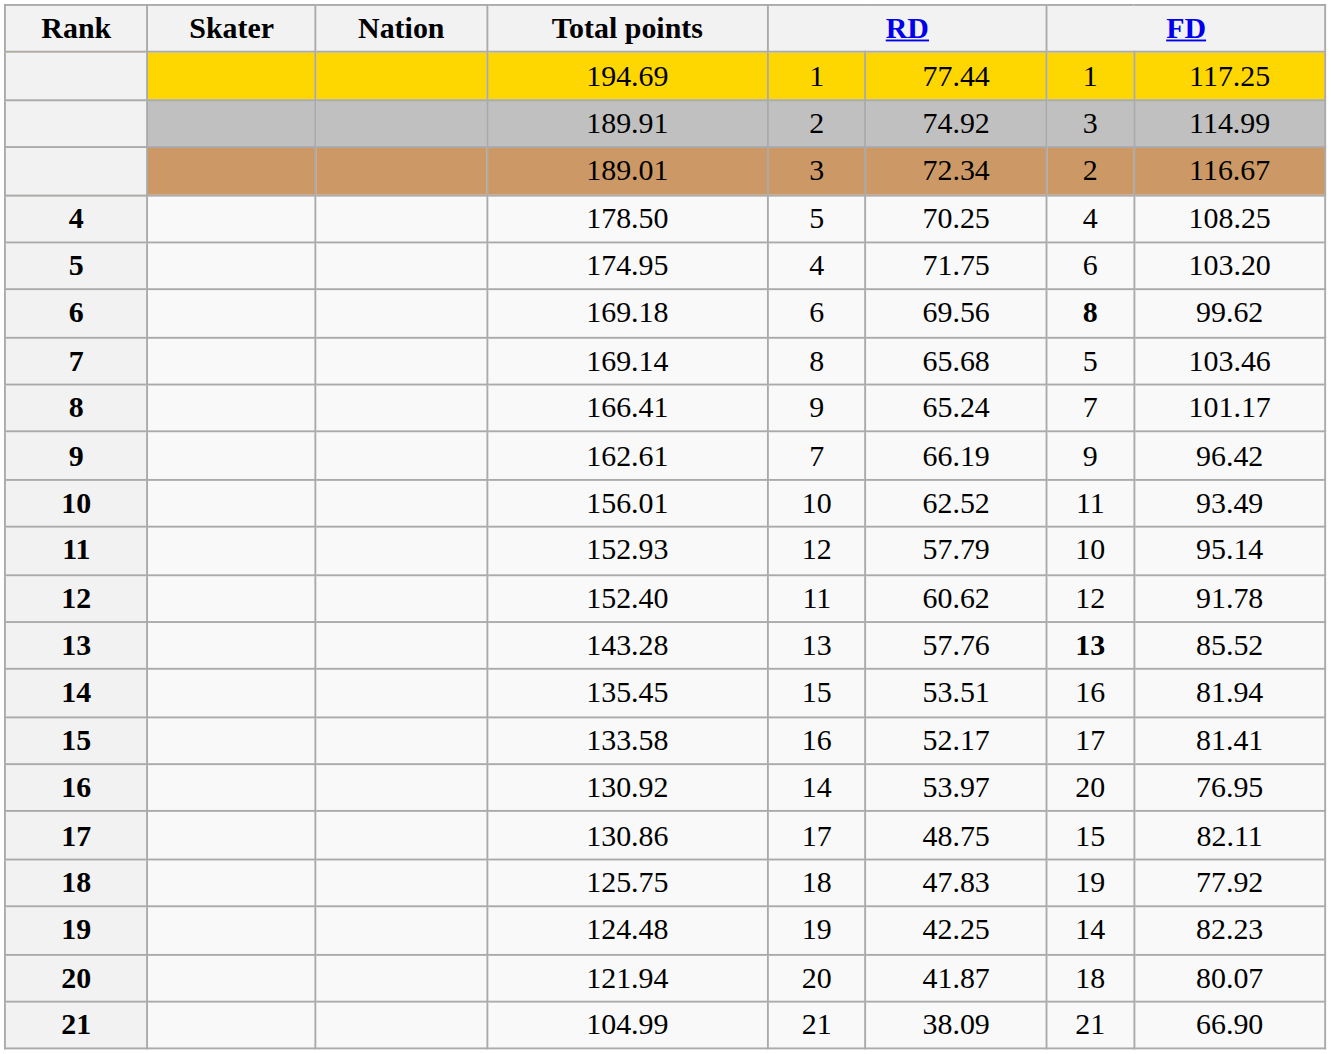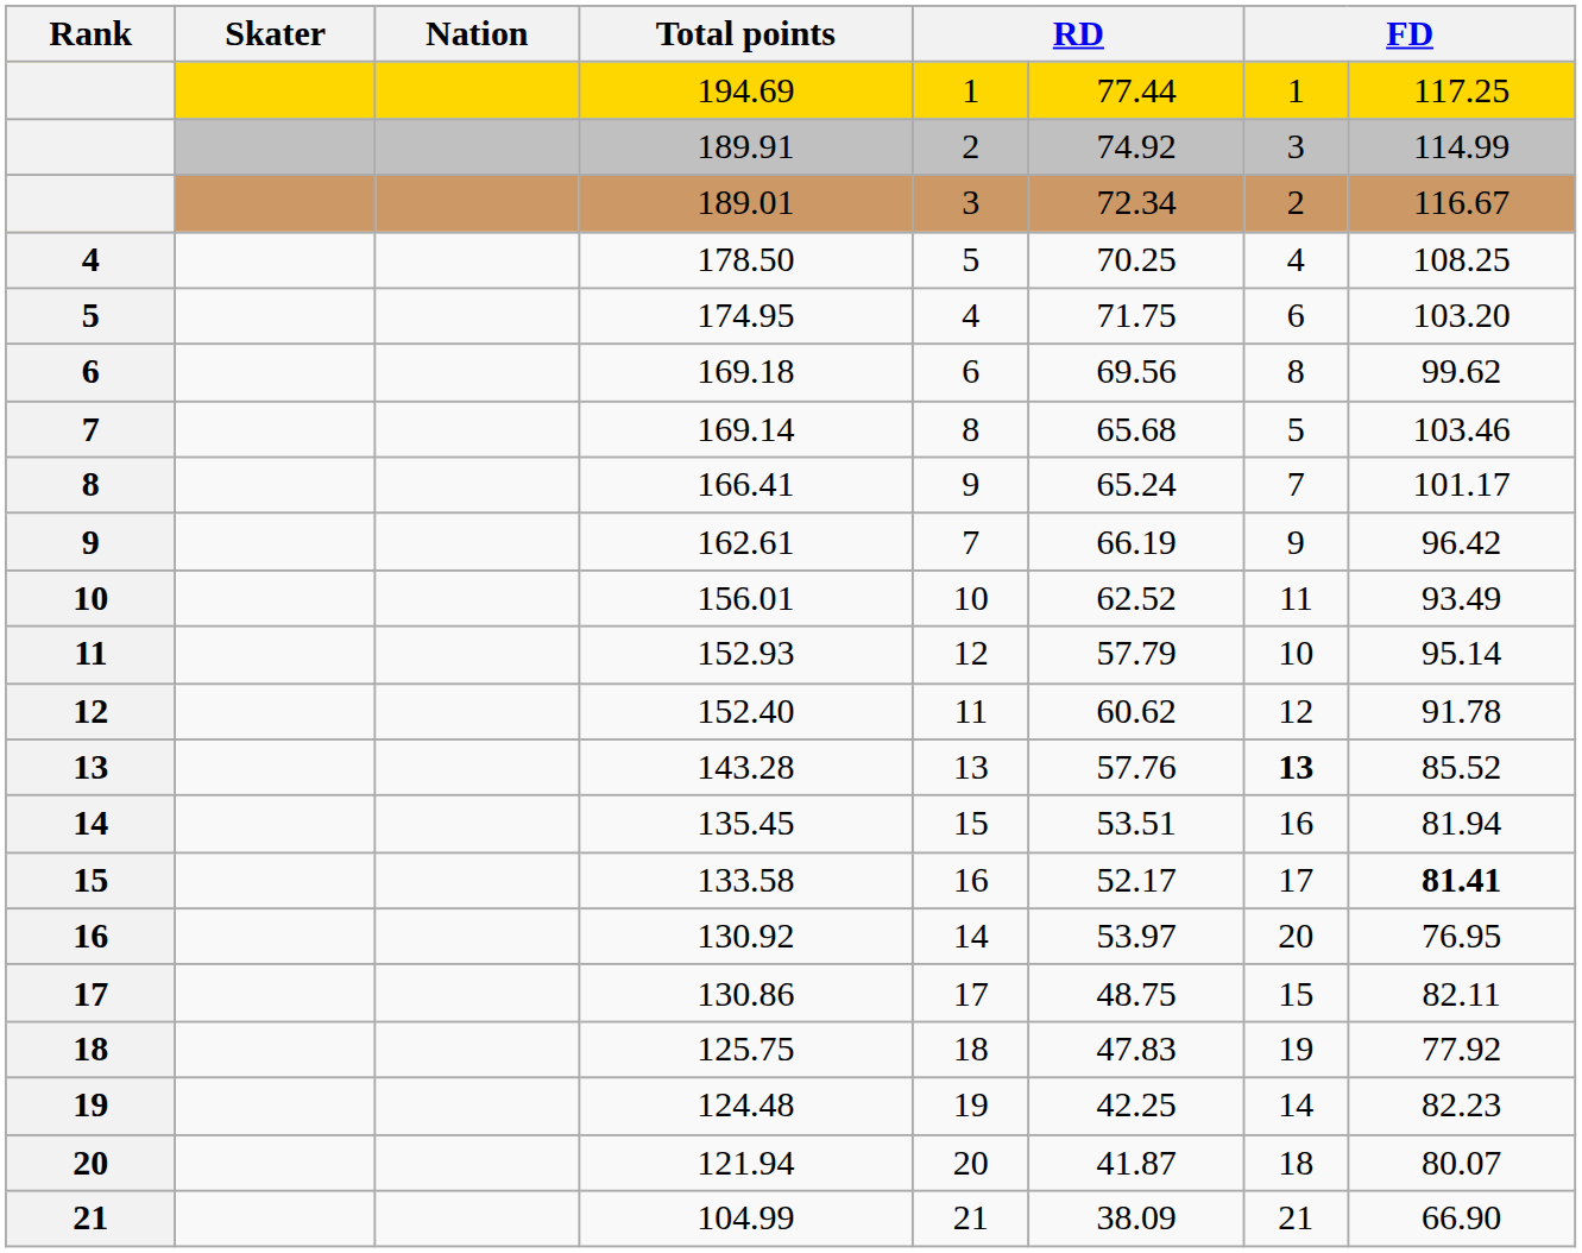 <table class="wikitable sortable" style="text-align:center;" width="80%">
 <tr>
 <th scope="col">Rank</th>
 <th scope="col">Skater</th>
 <th scope="col">Nation</th>
 <th scope="col">Total points</th>
 <th scope="col" colspan="2" width="80px"><a href='#'>RD</a></th>
 <th scope="col" colspan="2" width="80px"><a href='#'>FD</a></th>
 </tr>
 <tr bgcolor="gold">
 <th scope="row"></th>
 <td align="left"></td>
 <td align="left"></td>
 <td>194.69</td>
 <td>1</td>
 <td>77.44</td>
 <td>1</td>
 <td>117.25</td>
 </tr>
 <tr bgcolor="silver">
 <th scope="row"></th>
 <td align="left"></td>
 <td align="left"></td>
 <td>189.91</td>
 <td>2</td>
 <td>74.92</td>
 <td>3</td>
 <td>114.99</td>
 </tr>
 <tr bgcolor="cc9966">
 <th scope="row"></th>
 <td align="left"></td>
 <td align="left"></td>
 <td>189.01</td>
 <td>3</td>
 <td>72.34</td>
 <td>2</td>
 <td>116.67</td>
 </tr>
 <tr>
 <th scope="row">4</th>
 <td align="left"></td>
 <td align="left"></td>
 <td>178.50</td>
 <td>5</td>
 <td>70.25</td>
 <td>4</td>
 <td>108.25</td>
 </tr>
 <tr>
 <th scope="row">5</th>
 <td align="left"></td>
 <td align="left"></td>
 <td>174.95</td>
 <td>4</td>
 <td>71.75</td>
 <td>6</td>
 <td>103.20</td>
 </tr>
 <tr>
 <th scope="row">6</th>
 <td align="left"></td>
 <td align="left"></td>
 <td>169.18</td>
 <td>6</td>
 <td>69.56</td>
-<td><strong>8</strong></td>
+<td>8</td>
 <td>99.62</td>
 </tr>
 <tr>
 <th scope="row">7</th>
 <td align="left"></td>
 <td align="left"></td>
 <td>169.14</td>
 <td>8</td>
 <td>65.68</td>
 <td>5</td>
 <td>103.46</td>
 </tr>
 <tr>
 <th scope="row">8</th>
 <td align="left"></td>
 <td align="left"></td>
 <td>166.41</td>
 <td>9</td>
 <td>65.24</td>
 <td>7</td>
 <td>101.17</td>
 </tr>
 <tr>
 <th scope="row">9</th>
 <td align="left"></td>
 <td align="left"></td>
 <td>162.61</td>
 <td>7</td>
 <td>66.19</td>
 <td>9</td>
 <td>96.42</td>
 </tr>
 <tr>
 <th scope="row">10</th>
 <td align="left"></td>
 <td align="left"></td>
 <td>156.01</td>
 <td>10</td>
 <td>62.52</td>
 <td>11</td>
 <td>93.49</td>
 </tr>
 <tr>
 <th scope="row">11</th>
 <td align="left"></td>
 <td align="left"></td>
 <td>152.93</td>
 <td>12</td>
 <td>57.79</td>
 <td>10</td>
 <td>95.14</td>
 </tr>
 <tr>
 <th scope="row">12</th>
 <td align="left"></td>
 <td align="left"></td>
 <td>152.40</td>
 <td>11</td>
 <td>60.62</td>
 <td>12</td>
 <td>91.78</td>
 </tr>
 <tr>
 <th scope="row">13</th>
 <td align="left"></td>
 <td align="left"></td>
 <td>143.28</td>
 <td>13</td>
 <td>57.76</td>
 <td><strong>13</strong></td>
 <td>85.52</td>
 </tr>
 <tr>
 <th scope="row">14</th>
 <td align="left"></td>
 <td align="left"></td>
 <td>135.45</td>
 <td>15</td>
 <td>53.51</td>
 <td>16</td>
 <td>81.94</td>
 </tr>
 <tr>
 <th scope="row">15</th>
 <td align="left"></td>
 <td align="left"></td>
 <td>133.58</td>
 <td>16</td>
 <td>52.17</td>
 <td>17</td>
-<td>81.41</td>
+<td><strong>81.41</strong></td>
 </tr>
 <tr>
 <th scope="row">16</th>
 <td align="left"></td>
 <td align="left"></td>
 <td>130.92</td>
 <td>14</td>
 <td>53.97</td>
 <td>20</td>
 <td>76.95</td>
 </tr>
 <tr>
 <th scope="row">17</th>
 <td align="left"></td>
 <td align="left"></td>
 <td>130.86</td>
 <td>17</td>
 <td>48.75</td>
 <td>15</td>
 <td>82.11</td>
 </tr>
 <tr>
 <th scope="row">18</th>
 <td align="left"></td>
 <td align="left"></td>
 <td>125.75</td>
 <td>18</td>
 <td>47.83</td>
 <td>19</td>
 <td>77.92</td>
 </tr>
 <tr>
 <th scope="row">19</th>
 <td align="left"></td>
 <td align="left"></td>
 <td>124.48</td>
 <td>19</td>
 <td>42.25</td>
 <td>14</td>
 <td>82.23</td>
 </tr>
 <tr>
 <th scope="row">20</th>
 <td align="left"></td>
 <td align="left"></td>
 <td>121.94</td>
 <td>20</td>
 <td>41.87</td>
 <td>18</td>
 <td>80.07</td>
 </tr>
 <tr>
 <th scope="row">21</th>
 <td align="left"></td>
 <td align="left"></td>
 <td>104.99</td>
 <td>21</td>
 <td>38.09</td>
 <td>21</td>
 <td>66.90</td>
 </tr>
 </table>
